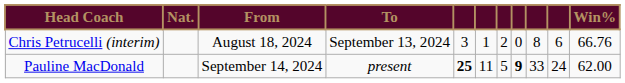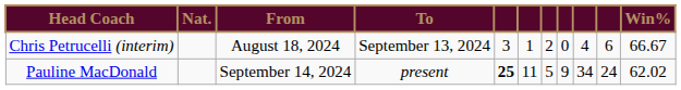 <table class="wikitable" style="text-align: center;">
 <tr>
 <th style="background:#54052B; color:#B39262; border:2px solid #B39262;" scope="col">Head Coach</th>
 <th style="background:#54052B; color:#B39262; border:2px solid #B39262;" scope="col">Nat.</th>
 <th style="background:#54052B; color:#B39262; border:2px solid #B39262;" scope="col">From</th>
 <th style="background:#54052B; color:#B39262; border:2px solid #B39262;" scope="col">To</th>
 <th style="background:#54052B; color:#B39262; border:2px solid #B39262;" scope="col"></th>
 <th style="background:#54052B; color:#B39262; border:2px solid #B39262;" scope="col"></th>
 <th style="background:#54052B; color:#B39262; border:2px solid #B39262;" scope="col"></th>
 <th style="background:#54052B; color:#B39262; border:2px solid #B39262;" scope="col"></th>
 <th style="background:#54052B; color:#B39262; border:2px solid #B39262;" scope="col"></th>
 <th style="background:#54052B; color:#B39262; border:2px solid #B39262;" scope="col"></th>
 <th style="background:#54052B; color:#B39262; border:2px solid #B39262;" scope="col">Win%</th>
 </tr>
 <tr>
 <td {{sortname><a href='#'>Chris Petrucelli</a> <em>(interim)</em></td>
 <td></td>
 <td style="text-align:center;">August 18, 2024</td>
 <td style="text-align:center;">September 13, 2024</td>
 <td>3</td>
 <td>1</td>
 <td>2</td>
 <td>0</td>
-<td>8</td>
+<td>4</td>
 <td>6</td>
-<td>66.76</td>
+<td>66.67</td>
 </tr>
 <tr>
 <td {{sortname><a href='#'>Pauline MacDonald</a></td>
 <td></td>
 <td style="text-align:center;">September 14, 2024</td>
 <td style="text-align:center;"><em>present</em></td>
 <td><strong>25</strong></td>
 <td>11</td>
 <td>5</td>
-<td><strong>9</strong></td>
-<td>33</td>
+<td>9</td>
+<td>34</td>
 <td>24</td>
-<td>62.00</td>
+<td>62.02</td>
 </tr>
 </table>
